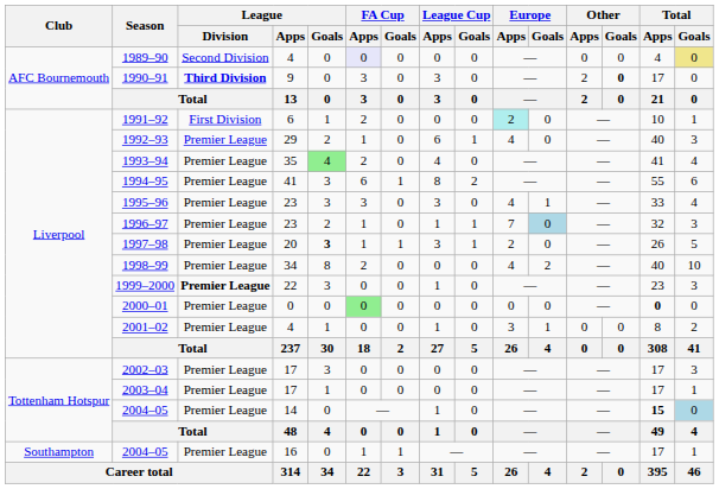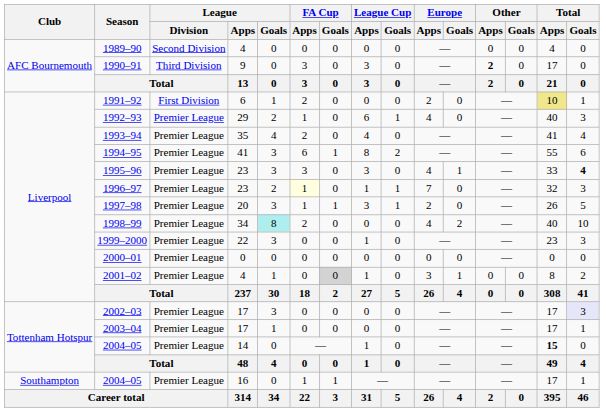 <table class="wikitable" style="text-align:center">
 <tr>
 <th rowspan="2">Club</th>
 <th rowspan="2">Season</th>
 <th colspan="3">League</th>
 <th colspan="2"><a href='#'>FA Cup</a></th>
 <th colspan="2"><a href='#'>League Cup</a></th>
 <th colspan="2"><a href='#'>Europe</a></th>
 <th colspan="2">Other</th>
 <th colspan="2">Total</th>
 </tr>
 <tr>
 <th>Division</th>
 <th>Apps</th>
 <th>Goals</th>
 <th>Apps</th>
 <th>Goals</th>
 <th>Apps</th>
 <th>Goals</th>
 <th>Apps</th>
 <th>Goals</th>
 <th>Apps</th>
 <th>Goals</th>
 <th>Apps</th>
 <th>Goals</th>
 </tr>
 <tr>
 <td rowspan="3"><a href='#'>AFC Bournemouth</a></td>
 <td><a href='#'>1989–90</a></td>
 <td><a href='#'>Second Division</a></td>
 <td>4</td>
 <td>0</td>
-<td style="background: lavender;">0</td>
+<td>0</td>
 <td>0</td>
 <td>0</td>
 <td>0</td>
 <td colspan="2">—</td>
 <td>0</td>
 <td>0</td>
 <td>4</td>
-<td style="background: khaki;">0</td>
+<td>0</td>
 </tr>
 <tr>
 <td><a href='#'>1990–91</a></td>
-<td><strong><a href='#'>Third Division</a></strong></td>
+<td><a href='#'>Third Division</a></td>
 <td>9</td>
 <td>0</td>
 <td>3</td>
 <td>0</td>
 <td>3</td>
 <td>0</td>
 <td colspan="2">—</td>
-<td>2</td>
-<td><strong>0</strong></td>
+<td><strong>2</strong></td>
+<td>0</td>
 <td>17</td>
 <td>0</td>
 </tr>
 <tr>
 <th colspan="2">Total</th>
 <th>13</th>
 <th>0</th>
 <th>3</th>
 <th>0</th>
 <th>3</th>
 <th>0</th>
 <th colspan="2">—</th>
 <th>2</th>
 <th>0</th>
 <th>21</th>
 <th>0</th>
 </tr>
 <tr>
 <td rowspan="12"><a href='#'>Liverpool</a></td>
 <td><a href='#'>1991–92</a></td>
 <td><a href='#'>First Division</a></td>
 <td>6</td>
 <td>1</td>
 <td>2</td>
 <td>0</td>
 <td>0</td>
 <td>0</td>
-<td style="background: paleturquoise;">2</td>
+<td>2</td>
 <td>0</td>
 <td colspan="2">—</td>
-<td>10</td>
+<td style="background: khaki;">10</td>
 <td>1</td>
 </tr>
 <tr>
 <td><a href='#'>1992–93</a></td>
 <td><a href='#'>Premier League</a></td>
 <td>29</td>
 <td>2</td>
 <td>1</td>
 <td>0</td>
 <td>6</td>
 <td>1</td>
 <td>4</td>
 <td>0</td>
 <td colspan="2">—</td>
 <td>40</td>
 <td>3</td>
 </tr>
 <tr>
 <td><a href='#'>1993–94</a></td>
 <td>Premier League</td>
 <td>35</td>
-<td style="background: lightgreen;">4</td>
+<td>4</td>
 <td>2</td>
 <td>0</td>
 <td>4</td>
 <td>0</td>
 <td colspan="2">—</td>
 <td colspan="2">—</td>
 <td>41</td>
 <td>4</td>
 </tr>
 <tr>
 <td><a href='#'>1994–95</a></td>
 <td>Premier League</td>
 <td>41</td>
 <td>3</td>
 <td>6</td>
 <td>1</td>
 <td>8</td>
 <td>2</td>
 <td colspan="2">—</td>
 <td colspan="2">—</td>
 <td>55</td>
 <td>6</td>
 </tr>
 <tr>
 <td><a href='#'>1995–96</a></td>
 <td>Premier League</td>
 <td>23</td>
 <td>3</td>
 <td>3</td>
 <td>0</td>
 <td>3</td>
 <td>0</td>
 <td>4</td>
 <td>1</td>
 <td colspan="2">—</td>
 <td>33</td>
-<td>4</td>
+<td><strong>4</strong></td>
 </tr>
 <tr>
 <td><a href='#'>1996–97</a></td>
 <td>Premier League</td>
 <td>23</td>
 <td>2</td>
-<td>1</td>
+<td style="background: lightyellow;">1</td>
 <td>0</td>
 <td>1</td>
 <td>1</td>
 <td>7</td>
-<td style="background: lightblue;">0</td>
+<td>0</td>
 <td colspan="2">—</td>
 <td>32</td>
 <td>3</td>
 </tr>
 <tr>
 <td><a href='#'>1997–98</a></td>
 <td>Premier League</td>
 <td>20</td>
-<td><strong>3</strong></td>
+<td>3</td>
 <td>1</td>
 <td>1</td>
 <td>3</td>
 <td>1</td>
 <td>2</td>
 <td>0</td>
 <td colspan="2">—</td>
 <td>26</td>
 <td>5</td>
 </tr>
 <tr>
 <td><a href='#'>1998–99</a></td>
 <td>Premier League</td>
 <td>34</td>
-<td>8</td>
+<td style="background: paleturquoise;">8</td>
 <td>2</td>
 <td>0</td>
 <td>0</td>
 <td>0</td>
 <td>4</td>
 <td>2</td>
 <td colspan="2">—</td>
 <td>40</td>
 <td>10</td>
 </tr>
 <tr>
 <td><a href='#'>1999–2000</a></td>
-<td><strong>Premier League</strong></td>
+<td>Premier League</td>
 <td>22</td>
 <td>3</td>
 <td>0</td>
 <td>0</td>
 <td>1</td>
 <td>0</td>
 <td colspan="2">—</td>
 <td colspan="2">—</td>
 <td>23</td>
 <td>3</td>
 </tr>
 <tr>
 <td><a href='#'>2000–01</a></td>
 <td>Premier League</td>
 <td>0</td>
 <td>0</td>
-<td style="background: lightgreen;">0</td>
+<td>0</td>
 <td>0</td>
 <td>0</td>
 <td>0</td>
 <td>0</td>
 <td>0</td>
 <td colspan="2">—</td>
-<td><strong>0</strong></td>
+<td>0</td>
 <td>0</td>
 </tr>
 <tr>
 <td><a href='#'>2001–02</a></td>
 <td>Premier League</td>
 <td>4</td>
 <td>1</td>
 <td>0</td>
-<td>0</td>
+<td style="background: lightgrey;">0</td>
 <td>1</td>
 <td>0</td>
 <td>3</td>
 <td>1</td>
 <td>0</td>
 <td>0</td>
 <td>8</td>
 <td>2</td>
 </tr>
 <tr>
 <th colspan="2">Total</th>
 <th>237</th>
 <th>30</th>
 <th>18</th>
 <th>2</th>
 <th>27</th>
 <th>5</th>
 <th>26</th>
 <th>4</th>
 <th>0</th>
 <th>0</th>
 <th>308</th>
 <th>41</th>
 </tr>
 <tr>
 <td rowspan="4"><a href='#'>Tottenham Hotspur</a></td>
 <td><a href='#'>2002–03</a></td>
 <td>Premier League</td>
 <td>17</td>
 <td>3</td>
 <td>0</td>
 <td>0</td>
 <td>0</td>
 <td>0</td>
 <td colspan="2">—</td>
 <td colspan="2">—</td>
 <td>17</td>
-<td>3</td>
+<td style="background: lavender;">3</td>
 </tr>
 <tr>
 <td><a href='#'>2003–04</a></td>
 <td>Premier League</td>
 <td>17</td>
 <td>1</td>
 <td>0</td>
 <td>0</td>
 <td>0</td>
 <td>0</td>
 <td colspan="2">—</td>
 <td colspan="2">—</td>
 <td>17</td>
 <td>1</td>
 </tr>
 <tr>
 <td><a href='#'>2004–05</a></td>
 <td>Premier League</td>
 <td>14</td>
 <td>0</td>
 <td colspan="2">—</td>
 <td>1</td>
 <td>0</td>
 <td colspan="2">—</td>
 <td colspan="2">—</td>
 <td><strong>15</strong></td>
-<td style="background: lightblue;">0</td>
+<td>0</td>
 </tr>
 <tr>
 <th colspan="2">Total</th>
 <th>48</th>
 <th>4</th>
 <th>0</th>
 <th>0</th>
 <th>1</th>
 <th>0</th>
 <th colspan="2">—</th>
 <th colspan="2">—</th>
 <th>49</th>
 <th>4</th>
 </tr>
 <tr>
 <td><a href='#'>Southampton</a></td>
 <td><a href='#'>2004–05</a></td>
 <td>Premier League</td>
 <td>16</td>
 <td>0</td>
 <td>1</td>
 <td>1</td>
 <td colspan="2">—</td>
 <td colspan="2">—</td>
 <td colspan="2">—</td>
 <td>17</td>
 <td>1</td>
 </tr>
 <tr>
 <th colspan="3">Career total</th>
 <th>314</th>
 <th>34</th>
 <th>22</th>
 <th>3</th>
 <th>31</th>
 <th>5</th>
 <th>26</th>
 <th>4</th>
 <th>2</th>
 <th>0</th>
 <th>395</th>
 <th>46</th>
 </tr>
 </table>
